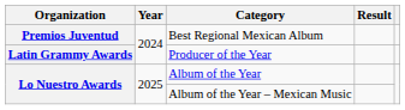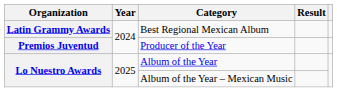 <table class="wikitable sortable plainrowheaders" style="border:none; margin:0;">
 <tr>
 <th scope="col">Organization</th>
 <th scope="col">Year</th>
 <th scope="col">Category</th>
 <th scope="col">Result</th>
 <th class="unsortable" scope="col"></th>
 </tr>
 <tr>
-<th scope="row"><a href='#'>Premios Juventud</a></th>
+<th scope="row"><a href='#'>Latin Grammy Awards</a></th>
 <td rowspan="2">2024</td>
 <td>Best Regional Mexican Album</td>
 <td></td>
 <td style="text-align:center;"></td>
 </tr>
 <tr>
-<th scope="row"><a href='#'>Latin Grammy Awards</a></th>
+<th scope="row"><a href='#'>Premios Juventud</a></th>
 <td><a href='#'>Producer of the Year</a></td>
 <td></td>
 <td style="text-align:center;"></td>
 </tr>
 <tr>
 <th scope="row" rowspan="2"><a href='#'>Lo Nuestro Awards</a></th>
 <td rowspan="2">2025</td>
 <td><a href='#'>Album of the Year</a></td>
 <td></td>
 <td style="text-align:center;" rowspan="2"></td>
 </tr>
 <tr>
 <td>Album of the Year – Mexican Music</td>
 <td></td>
 </tr>
 <tr>
 </tr>
 </table>
